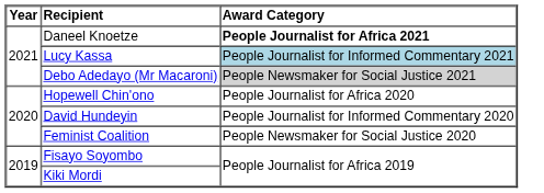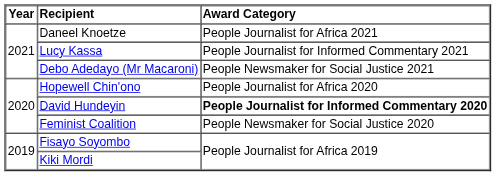 <table class="sortable" cellspacing="0" cellpadding="2" border="2">
 <tr>
 <th>Year</th>
 <th align="left">Recipient</th>
 <th align="left">Award Category</th>
 </tr>
 <tr>
 </tr>
 <tr>
 <td rowspan="3">2021</td>
 <td>Daneel Knoetze</td>
-<td><strong>People Journalist for Africa 2021</strong></td>
+<td>People Journalist for Africa 2021</td>
 </tr>
 <tr>
 <td><a href='#'>Lucy Kassa</a></td>
-<td style="background: lightblue;">People Journalist for Informed Commentary 2021</td>
+<td>People Journalist for Informed Commentary 2021</td>
 </tr>
 <tr>
 <td><a href='#'>Debo Adedayo (Mr Macaroni)</a></td>
-<td style="background: lightgrey;">People Newsmaker for Social Justice 2021</td>
+<td>People Newsmaker for Social Justice 2021</td>
 </tr>
 <tr>
 <td rowspan="3">2020</td>
 <td><a href='#'>Hopewell Chin'ono</a></td>
 <td>People Journalist for Africa 2020</td>
 </tr>
 <tr>
 <td><a href='#'>David Hundeyin</a></td>
-<td>People Journalist for Informed Commentary 2020</td>
+<td><strong>People Journalist for Informed Commentary 2020</strong></td>
 </tr>
 <tr>
 <td><a href='#'>Feminist Coalition</a></td>
 <td>People Newsmaker for Social Justice 2020</td>
 </tr>
 <tr>
 <td rowspan="2">2019</td>
 <td><a href='#'>Fisayo Soyombo</a></td>
 <td rowspan="2">People Journalist for Africa 2019</td>
 </tr>
 <tr>
 <td><a href='#'>Kiki Mordi</a></td>
 </tr>
 <tr>
 </tr>
 </table>
